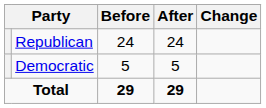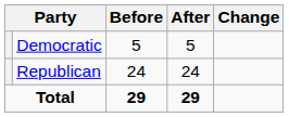 <table class="wikitable" style="text-align:center;">
 <tr>
 </tr>
 <tr>
 <th colspan=2>Party</th>
 <th>Before</th>
 <th>After</th>
 <th>Change</th>
 </tr>
 <tr>
 <th style="background-color:"></th>
-<td style="text-align:left;"><a href='#'>Republican</a></td>
-<td>24</td>
-<td>24</td>
+<td style="text-align:left;"><a href='#'>Democratic</a></td>
+<td>5</td>
+<td>5</td>
 <td></td>
 </tr>
 <tr>
 <th style="background-color:"></th>
-<td style="text-align:left;"><a href='#'>Democratic</a></td>
-<td>5</td>
-<td>5</td>
+<td style="text-align:left;"><a href='#'>Republican</a></td>
+<td>24</td>
+<td>24</td>
 <td></td>
 </tr>
 <tr>
 <td colspan=2><strong>Total</strong></td>
 <td><strong>29</strong></td>
 <td><strong>29</strong></td>
 <td></td>
 </tr>
 </table>
